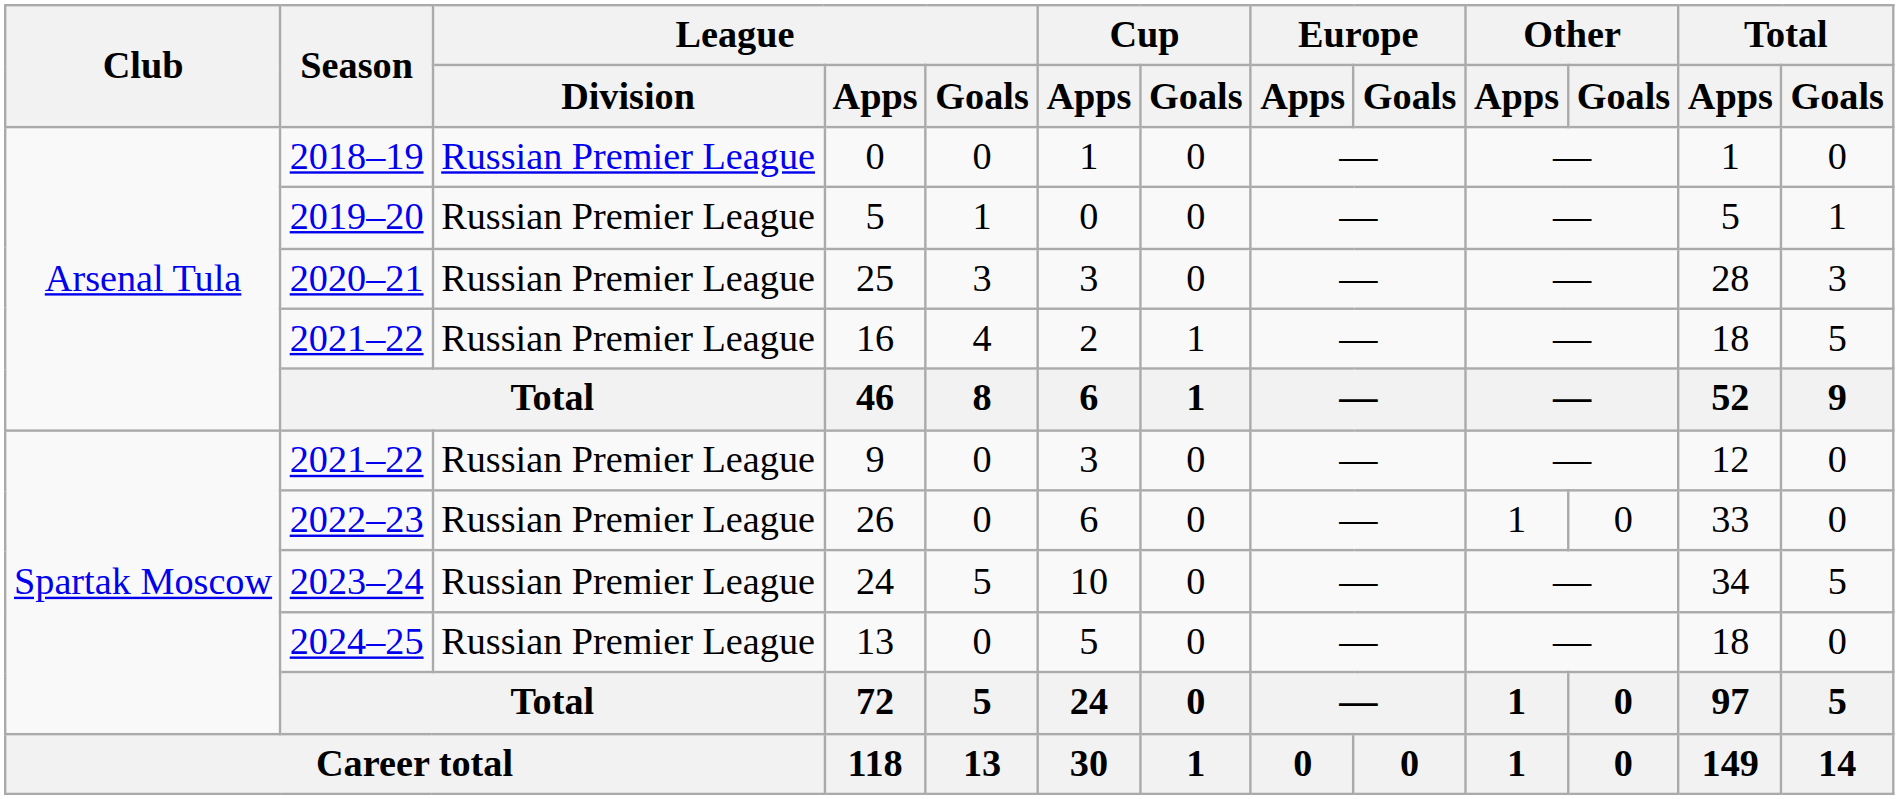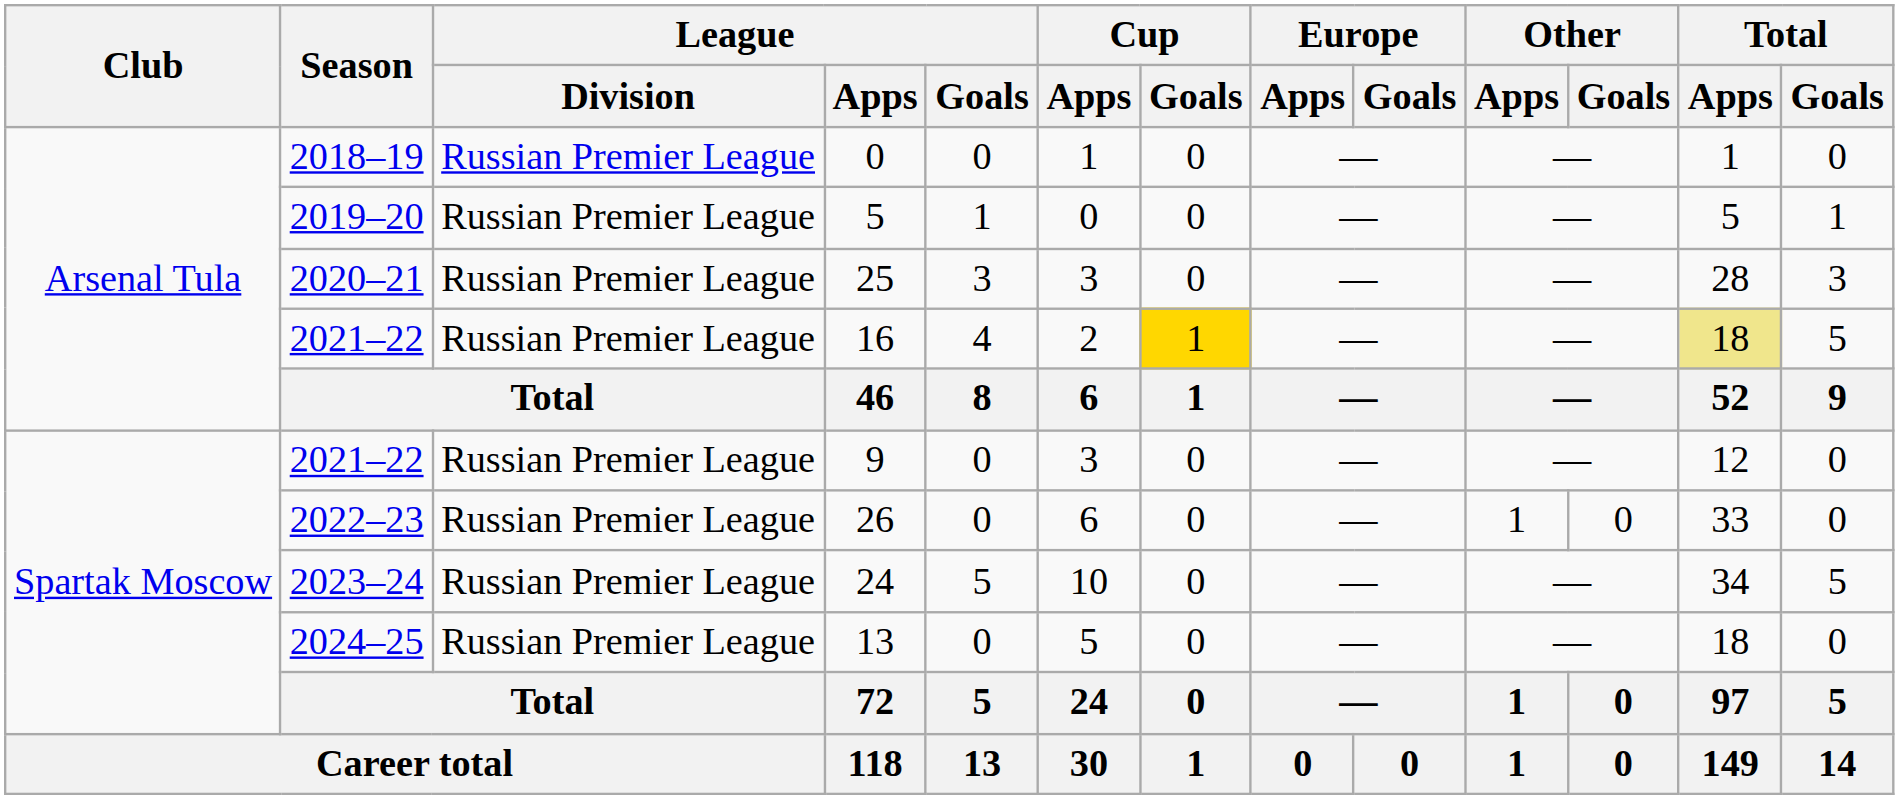 <table class="wikitable" style="text-align: center;">
 <tr>
 <th rowspan="2">Club</th>
 <th rowspan="2">Season</th>
 <th colspan="3">League</th>
 <th colspan="2">Cup</th>
 <th colspan="2">Europe</th>
 <th colspan="2">Other</th>
 <th colspan="2">Total</th>
 </tr>
 <tr>
 <th>Division</th>
 <th>Apps</th>
 <th>Goals</th>
 <th>Apps</th>
 <th>Goals</th>
 <th>Apps</th>
 <th>Goals</th>
 <th>Apps</th>
 <th>Goals</th>
 <th>Apps</th>
 <th>Goals</th>
 </tr>
 <tr>
 <td rowspan="5"><a href='#'>Arsenal Tula</a></td>
 <td><a href='#'>2018–19</a></td>
 <td><a href='#'>Russian Premier League</a></td>
 <td>0</td>
 <td>0</td>
 <td>1</td>
 <td>0</td>
 <td colspan="2">—</td>
 <td colspan="2">—</td>
 <td>1</td>
 <td>0</td>
 </tr>
 <tr>
 <td><a href='#'>2019–20</a></td>
 <td>Russian Premier League</td>
 <td>5</td>
 <td>1</td>
 <td>0</td>
 <td>0</td>
 <td colspan="2">—</td>
 <td colspan="2">—</td>
 <td>5</td>
 <td>1</td>
 </tr>
 <tr>
 <td><a href='#'>2020–21</a></td>
 <td>Russian Premier League</td>
 <td>25</td>
 <td>3</td>
 <td>3</td>
 <td>0</td>
 <td colspan="2">—</td>
 <td colspan="2">—</td>
 <td>28</td>
 <td>3</td>
 </tr>
 <tr>
 <td><a href='#'>2021–22</a></td>
 <td>Russian Premier League</td>
 <td>16</td>
 <td>4</td>
 <td>2</td>
-<td>1</td>
+<td style="background: gold;">1</td>
 <td colspan="2">—</td>
 <td colspan="2">—</td>
-<td>18</td>
+<td style="background: khaki;">18</td>
 <td>5</td>
 </tr>
 <tr>
 <th colspan="2">Total</th>
 <th>46</th>
 <th>8</th>
 <th>6</th>
 <th>1</th>
 <th colspan="2">—</th>
 <th colspan="2">—</th>
 <th>52</th>
 <th>9</th>
 </tr>
 <tr>
 <td rowspan="5"><a href='#'>Spartak Moscow</a></td>
 <td><a href='#'>2021–22</a></td>
 <td>Russian Premier League</td>
 <td>9</td>
 <td>0</td>
 <td>3</td>
 <td>0</td>
 <td colspan="2">—</td>
 <td colspan="2">—</td>
 <td>12</td>
 <td>0</td>
 </tr>
 <tr>
 <td><a href='#'>2022–23</a></td>
 <td>Russian Premier League</td>
 <td>26</td>
 <td>0</td>
 <td>6</td>
 <td>0</td>
 <td colspan="2">—</td>
 <td>1</td>
 <td>0</td>
 <td>33</td>
 <td>0</td>
 </tr>
 <tr>
 <td><a href='#'>2023–24</a></td>
 <td>Russian Premier League</td>
 <td>24</td>
 <td>5</td>
 <td>10</td>
 <td>0</td>
 <td colspan="2">—</td>
 <td colspan="2">—</td>
 <td>34</td>
 <td>5</td>
 </tr>
 <tr>
 <td><a href='#'>2024–25</a></td>
 <td>Russian Premier League</td>
 <td>13</td>
 <td>0</td>
 <td>5</td>
 <td>0</td>
 <td colspan="2">—</td>
 <td colspan="2">—</td>
 <td>18</td>
 <td>0</td>
 </tr>
 <tr>
 <th colspan="2">Total</th>
 <th>72</th>
 <th>5</th>
 <th>24</th>
 <th>0</th>
 <th colspan="2">—</th>
 <th>1</th>
 <th>0</th>
 <th>97</th>
 <th>5</th>
 </tr>
 <tr>
 <th colspan="3">Career total</th>
 <th>118</th>
 <th>13</th>
 <th>30</th>
 <th>1</th>
 <th>0</th>
 <th>0</th>
 <th>1</th>
 <th>0</th>
 <th>149</th>
 <th>14</th>
 </tr>
 </table>
